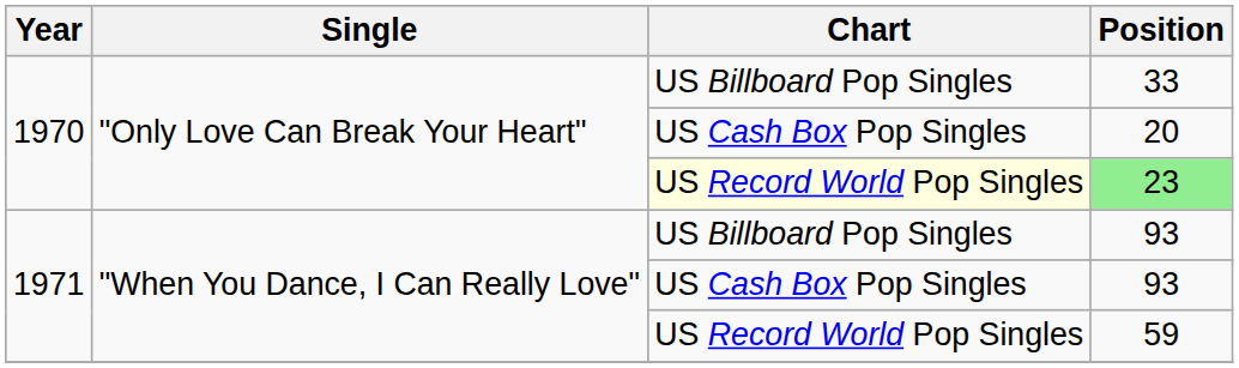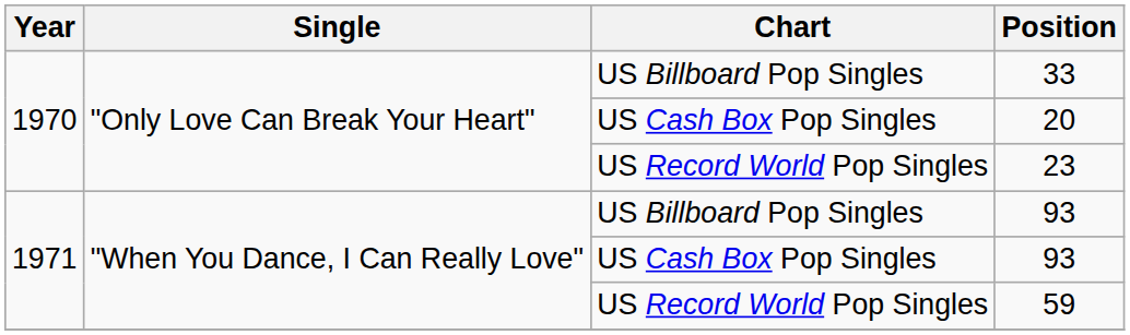 <table class="wikitable">
 <tr>
 <th align="left">Year</th>
 <th align="left">Single</th>
 <th align="left">Chart</th>
 <th align="left">Position</th>
 </tr>
 <tr>
 <td rowspan="3" align="left">1970</td>
 <td rowspan="3" align="left">"Only Love Can Break Your Heart"</td>
 <td align="left">US <em>Billboard</em> Pop Singles</td>
 <td align="center">33</td>
 </tr>
 <tr>
 <td>US <em><a href='#'>Cash Box</a></em> Pop Singles</td>
 <td align="center">20</td>
 </tr>
 <tr>
-<td style="background: lightyellow;">US <em><a href='#'>Record World</a></em> Pop Singles</td>
-<td align="center" style="background: lightgreen;">23</td>
+<td>US <em><a href='#'>Record World</a></em> Pop Singles</td>
+<td align="center">23</td>
 </tr>
 <tr>
 <td rowspan="3" align="left">1971</td>
 <td rowspan="3" align="left">"When You Dance, I Can Really Love"</td>
 <td align="left">US <em>Billboard</em> Pop Singles</td>
 <td align="center">93</td>
 </tr>
 <tr>
 <td>US <em><a href='#'>Cash Box</a></em> Pop Singles</td>
 <td align="center">93</td>
 </tr>
 <tr>
 <td>US <em><a href='#'>Record World</a></em> Pop Singles</td>
 <td align="center">59</td>
 </tr>
 <tr>
 </tr>
 </table>
